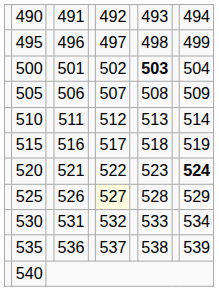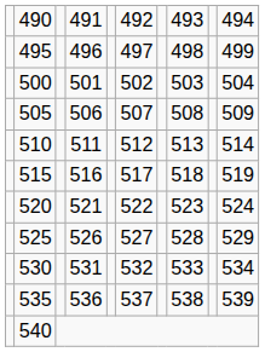 <table class="wikitable" style="text-align:center">
 <tr>
 <td></td>
 <td>490<br><big></big></td>
 <td></td>
 <td>491<br><big></big></td>
 <td></td>
 <td>492<br><big></big></td>
 <td></td>
 <td>493<br><big></big></td>
 <td></td>
 <td>494<br><big></big></td>
 </tr>
 <tr>
 <td></td>
 <td>495<br><big></big></td>
 <td></td>
 <td>496<br><big></big></td>
 <td></td>
 <td>497<br><big></big></td>
 <td></td>
 <td>498<br><big></big></td>
 <td></td>
 <td>499<br><big></big></td>
 </tr>
 <tr>
 <td></td>
 <td>500<br><big></big></td>
 <td></td>
 <td>501<br><big></big></td>
 <td></td>
 <td>502<br><big></big></td>
 <td></td>
-<td><strong>503<br><big></big></strong></td>
+<td>503<br><big></big></td>
 <td></td>
 <td>504<br><big></big></td>
 </tr>
 <tr>
 <td></td>
 <td>505<br><big></big></td>
 <td></td>
 <td>506<br><big></big></td>
 <td></td>
 <td>507<br><big></big></td>
 <td></td>
 <td>508<br><big></big></td>
 <td></td>
 <td>509<br><big></big></td>
 </tr>
 <tr>
 <td></td>
 <td>510<br><big></big></td>
 <td></td>
 <td>511<br><big></big></td>
 <td></td>
 <td>512<br><big></big></td>
 <td></td>
 <td>513<br><big></big></td>
 <td></td>
 <td>514<br><big></big></td>
 </tr>
 <tr>
 <td></td>
 <td>515<br><big></big></td>
 <td></td>
 <td>516<br><big></big></td>
 <td></td>
 <td>517<br><big></big></td>
 <td></td>
 <td>518<br><big></big></td>
 <td></td>
 <td>519<br><big></big></td>
 </tr>
 <tr>
 <td></td>
 <td>520<br><big></big></td>
 <td></td>
 <td>521<br><big></big></td>
 <td></td>
 <td>522<br><big></big></td>
 <td></td>
 <td>523<br><big></big></td>
 <td></td>
-<td><strong>524<br><big></big></strong></td>
+<td>524<br><big></big></td>
 </tr>
 <tr>
 <td></td>
 <td>525<br><big></big></td>
 <td></td>
 <td>526<br><big></big></td>
 <td></td>
-<td style="background: lightyellow;">527<br><big></big></td>
+<td>527<br><big></big></td>
 <td></td>
 <td>528<br><big></big></td>
 <td></td>
 <td>529<br><big></big></td>
 </tr>
 <tr>
 <td></td>
 <td>530<br><big></big></td>
 <td></td>
 <td>531<br><big></big></td>
 <td></td>
 <td>532<br><big></big></td>
 <td></td>
 <td>533<br><big></big></td>
 <td></td>
 <td>534<br><big></big></td>
 </tr>
 <tr>
 <td></td>
 <td>535<br><big></big></td>
 <td></td>
 <td>536<br><big></big></td>
 <td></td>
 <td>537<br><big></big></td>
 <td></td>
 <td>538<br><big></big></td>
 <td></td>
 <td>539<br><big></big></td>
 </tr>
 <tr>
 <td></td>
 <td>540<br><big></big></td>
 </tr>
 </table>
